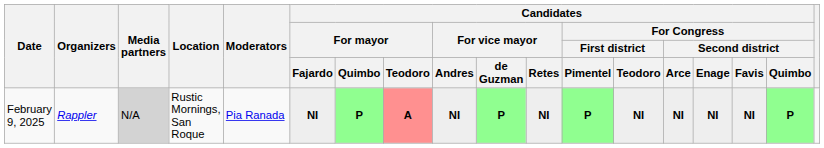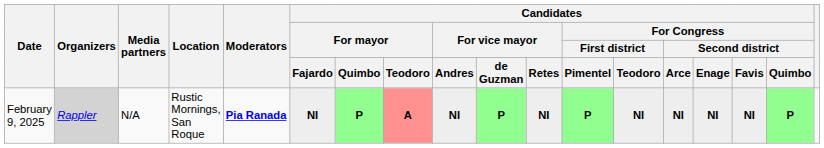 <table class="wikitable" style="margin-left: auto; margin-right: auto; border: none;font-size:90%;">
 <tr>
 <th rowspan="4">Date</th>
 <th rowspan="4">Organizers</th>
 <th rowspan="4">Media partners</th>
 <th rowspan="4">Location</th>
 <th rowspan="4">Moderators</th>
 <th colspan="12">Candidates</th>
 <th rowspan="4"></th>
 </tr>
 <tr>
 <th colspan="3" rowspan="2" style="width:60px;">For mayor</th>
 <th colspan="3" rowspan="2" style="width:60px;">For vice mayor</th>
 <th colspan="6" style="width:60px;">For Congress</th>
 </tr>
 <tr>
 <th colspan="2">First district</th>
 <th colspan="4">Second district</th>
 </tr>
 <tr>
 <th>Fajardo</th>
 <th>Quimbo</th>
 <th>Teodoro</th>
 <th>Andres</th>
 <th>de Guzman</th>
 <th>Retes</th>
 <th>Pimentel</th>
 <th>Teodoro</th>
 <th>Arce</th>
 <th>Enage</th>
 <th>Favis</th>
 <th>Quimbo</th>
 </tr>
 <tr>
 <td>February 9, 2025</td>
-<td><em><a href='#'>Rappler</a></em></td>
-<td style="background: lightgrey;">N/A</td>
+<td style="background: lightgrey;"><em><a href='#'>Rappler</a></em></td>
+<td>N/A</td>
 <td>Rustic Mornings, San Roque</td>
-<td><a href='#'>Pia Ranada</a></td>
+<td><strong><a href='#'>Pia Ranada</a></strong></td>
 <td style="background:#EEE; color:black; text-align:center;"><strong>NI</strong></td>
 <td style="background:#90ff90; color:black; text-align:center;"><strong>P</strong></td>
 <td style="background:#ff9090; color:black; text-align:center;"><strong>A</strong></td>
 <td style="background:#EEE; color:black; text-align:center;"><strong>NI</strong></td>
 <td style="background:#90ff90; color:black; text-align:center;"><strong>P</strong></td>
 <td style="background:#EEE; color:black; text-align:center;"><strong>NI</strong></td>
 <td style="background:#90ff90; color:black; text-align:center;"><strong>P</strong></td>
 <td style="background:#EEE; color:black; text-align:center;"><strong>NI</strong></td>
 <td style="background:#EEE; color:black; text-align:center;"><strong>NI</strong></td>
 <td style="background:#EEE; color:black; text-align:center;"><strong>NI</strong></td>
 <td style="background:#EEE; color:black; text-align:center;"><strong>NI</strong></td>
 <td style="background:#90ff90; color:black; text-align:center;"><strong>P</strong></td>
 <td></td>
 </tr>
 <tr>
 </tr>
 </table>
